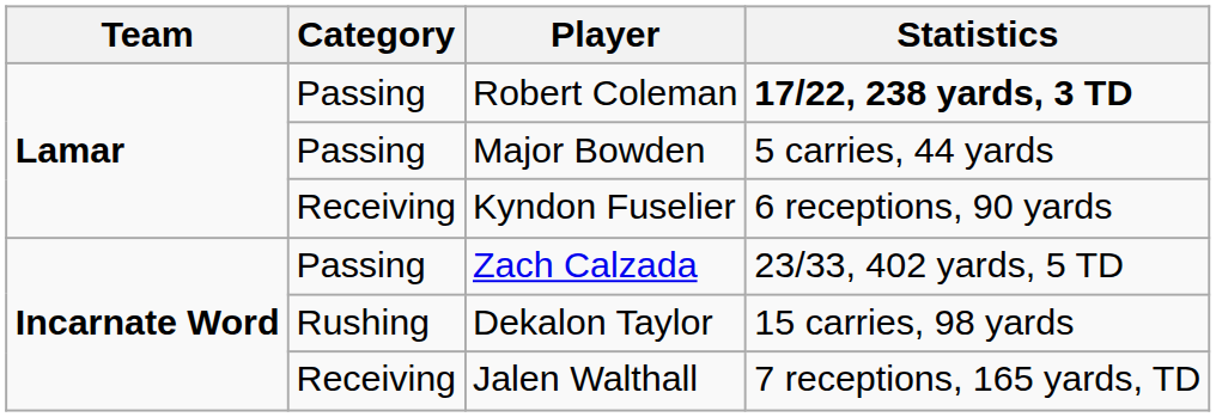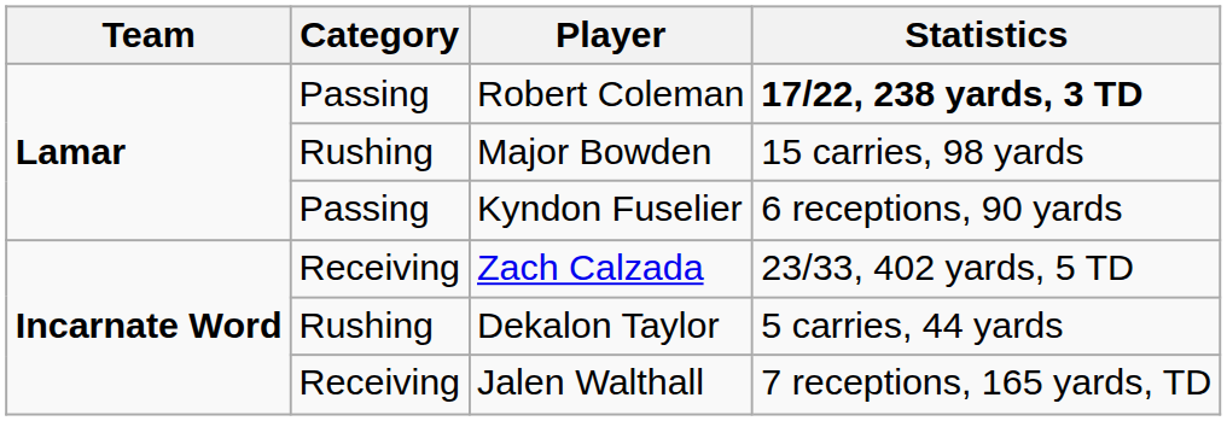 <table class="wikitable" style="float: right;">
 <tr>
 <th>Team</th>
 <th>Category</th>
 <th>Player</th>
 <th>Statistics</th>
 </tr>
 <tr>
 <td rowspan=3><strong>Lamar</strong></td>
 <td>Passing</td>
 <td>Robert Coleman</td>
 <td><strong>17/22, 238 yards, 3 TD</strong></td>
 </tr>
 <tr>
-<td>Passing</td>
+<td>Rushing</td>
 <td>Major Bowden</td>
-<td>5 carries, 44 yards</td>
+<td>15 carries, 98 yards</td>
 </tr>
 <tr>
-<td>Receiving</td>
+<td>Passing</td>
 <td>Kyndon Fuselier</td>
 <td>6 receptions, 90 yards</td>
 </tr>
 <tr>
 <td rowspan=3><strong>Incarnate Word</strong></td>
-<td>Passing</td>
+<td>Receiving</td>
 <td><a href='#'>Zach Calzada</a></td>
 <td>23/33, 402 yards, 5 TD</td>
 </tr>
 <tr>
 <td>Rushing</td>
 <td>Dekalon Taylor</td>
-<td>15 carries, 98 yards</td>
+<td>5 carries, 44 yards</td>
 </tr>
 <tr>
 <td>Receiving</td>
 <td>Jalen Walthall</td>
 <td>7 receptions, 165 yards, TD</td>
 </tr>
 </table>
